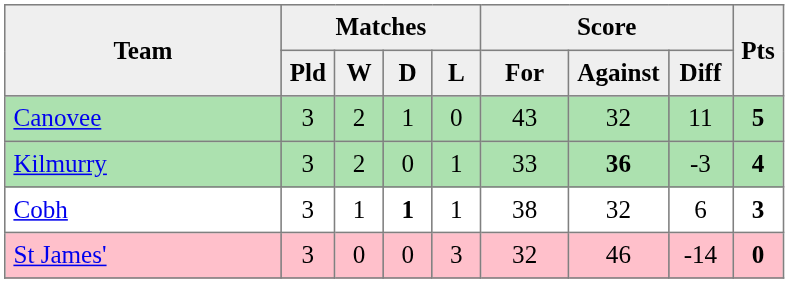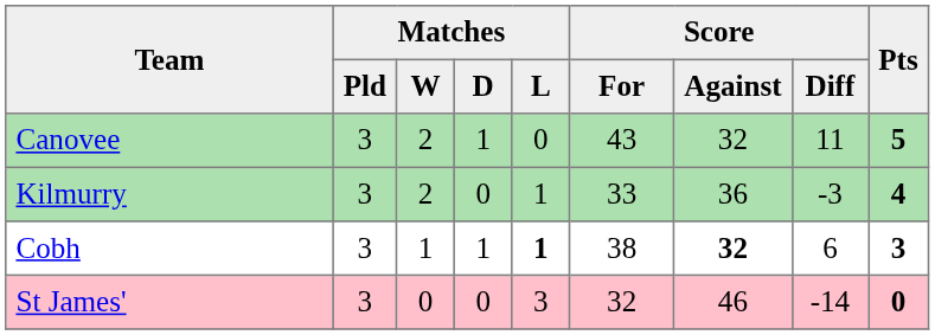 <table style=border-collapse:collapse border=1 cellspacing=0 cellpadding=5>
 <tr align=center bgcolor=#efefef>
 <th rowspan=2 width=165>Team</th>
 <th colspan=4>Matches</th>
 <th colspan=3>Score</th>
 <th rowspan=2width=20>Pts</th>
 </tr>
 <tr align=center bgcolor=#efefef>
 <th width=20>Pld</th>
 <th width=20>W</th>
 <th width=20>D</th>
 <th width=20>L</th>
 <th width=45>For</th>
 <th width=45>Against</th>
 <th width=30>Diff</th>
 </tr>
 <tr align=center style="background:#ACE1AF;">
 <td style="text-align:left;"><a href='#'>Canovee</a></td>
 <td>3</td>
 <td>2</td>
 <td>1</td>
 <td>0</td>
 <td>43</td>
 <td>32</td>
 <td>11</td>
 <td><strong>5</strong></td>
 </tr>
 <tr align=center style="background:#ACE1AF;">
 <td style="text-align:left;"><a href='#'>Kilmurry</a></td>
 <td>3</td>
 <td>2</td>
 <td>0</td>
 <td>1</td>
 <td>33</td>
-<td><strong>36</strong></td>
+<td>36</td>
 <td>-3</td>
 <td><strong>4</strong></td>
 </tr>
 <tr align=center>
 <td style="text-align:left;"><a href='#'>Cobh</a></td>
 <td>3</td>
 <td>1</td>
+<td>1</td>
 <td><strong>1</strong></td>
-<td>1</td>
 <td>38</td>
-<td>32</td>
+<td><strong>32</strong></td>
 <td>6</td>
 <td><strong>3</strong></td>
 </tr>
 <tr align=center style="background:#FFC0CB;">
 <td style="text-align:left;"><a href='#'>St James'</a></td>
 <td>3</td>
 <td>0</td>
 <td>0</td>
 <td>3</td>
 <td>32</td>
 <td>46</td>
 <td>-14</td>
 <td><strong>0</strong></td>
 </tr>
 </table>
